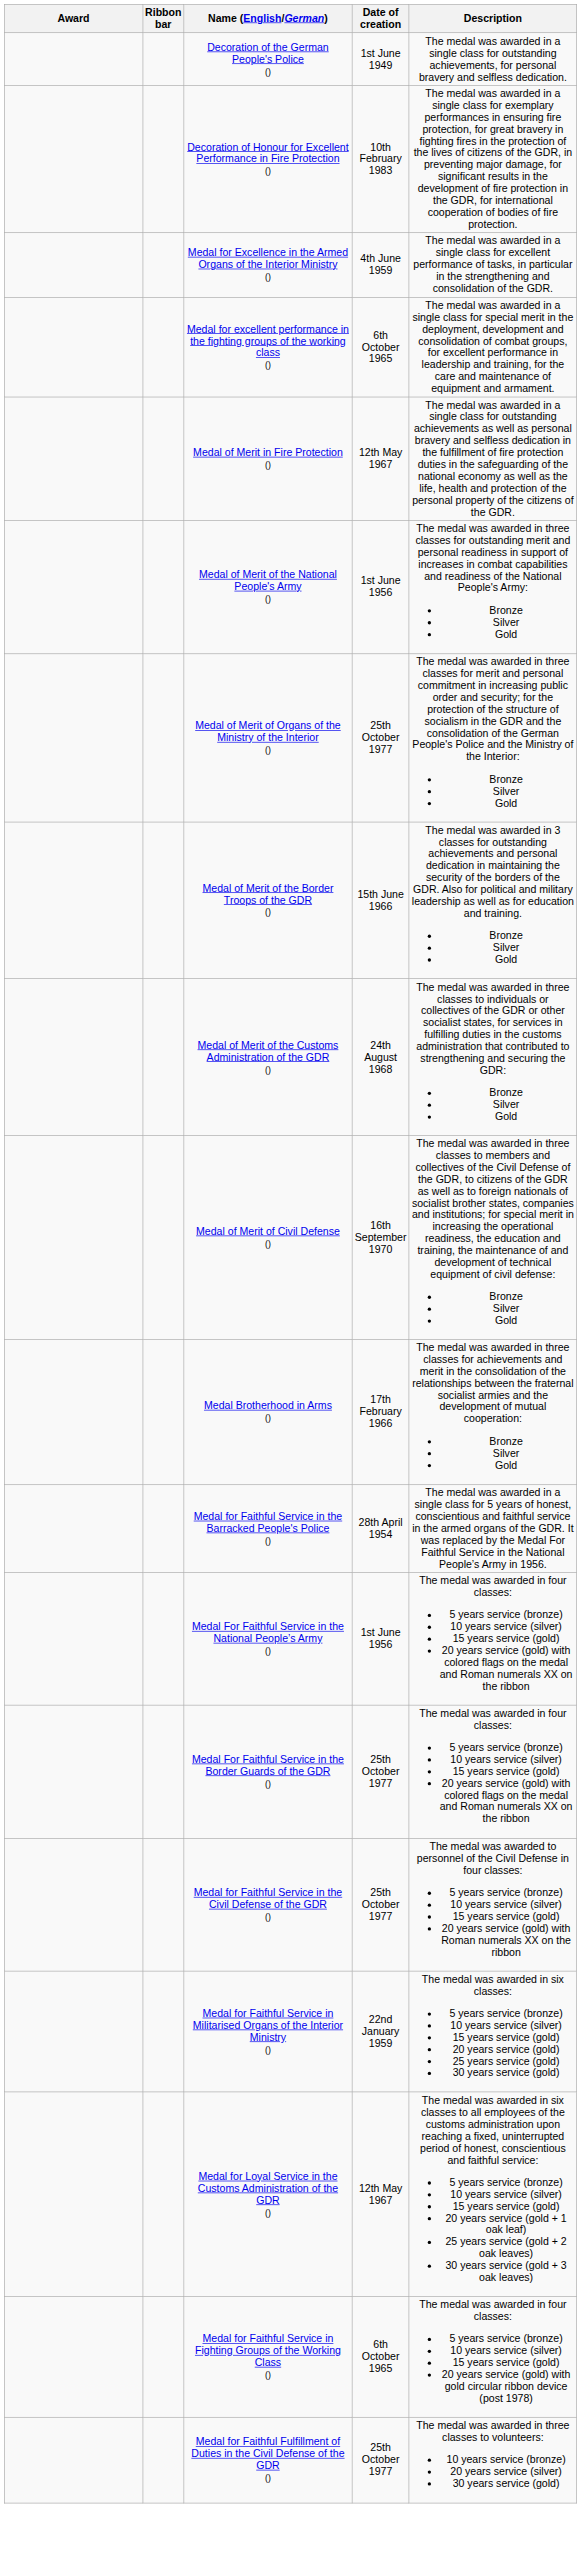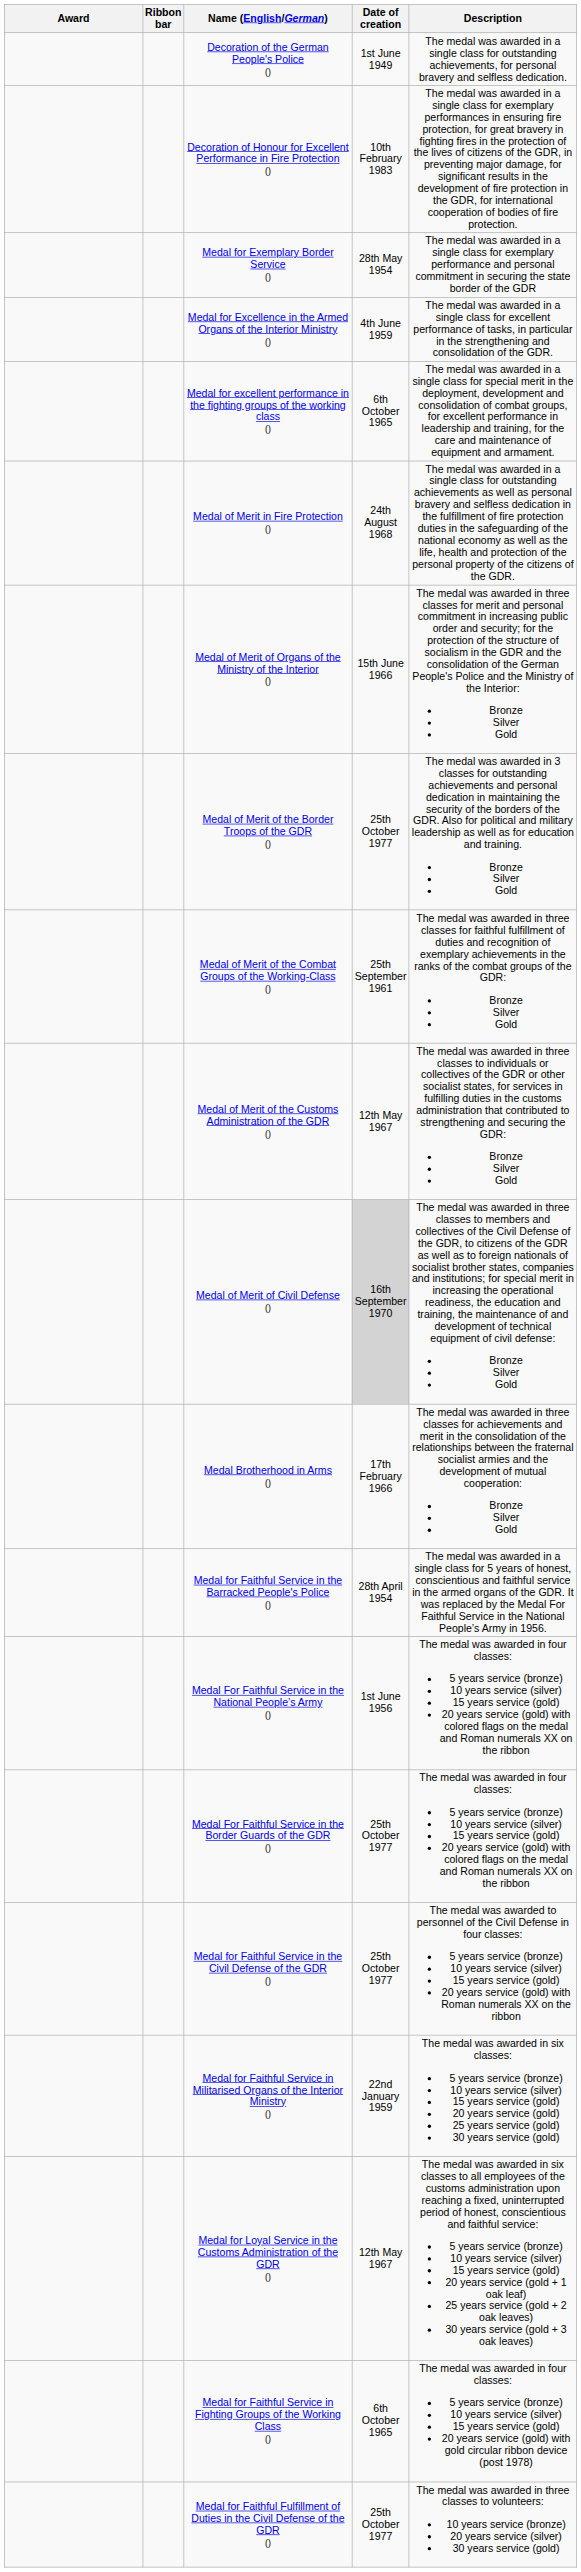 <table class="wikitable sortable" style="text-align:center">
 <tr>
 <th style="width:25%">Award</th>
 <th style="width:5%">Ribbon<br>bar</th>
 <th style="width:30%">Name (<a href='#'>English</a>/<em><a href='#'>German</a></em>)</th>
 <th style="width:10%">Date of<br>creation</th>
 <th style="width:30%">Description</th>
 </tr>
 <tr>
 <td></td>
 <td></td>
 <td><a href='#'>Decoration of the German People's Police</a><br><small>()</small></td>
 <td>1st June 1949</td>
 <td>The medal was awarded in a single class for outstanding achievements, for personal bravery and selfless dedication.</td>
 </tr>
 <tr>
 <td></td>
 <td></td>
 <td><a href='#'>Decoration of Honour for Excellent Performance in Fire Protection</a><br><small>()</small></td>
 <td>10th February 1983</td>
 <td>The medal was awarded in a single class for exemplary performances in ensuring fire protection, for great bravery in fighting fires in the protection of the lives of citizens of the GDR, in preventing major damage, for significant results in the development of fire protection in the GDR, for international cooperation of bodies of fire protection.</td>
 </tr>
 <tr>
 <td></td>
 <td></td>
+<td><a href='#'>Medal for Exemplary Border Service</a><br><small>()</small></td>
+<td>28th May 1954</td>
+<td>The medal was awarded in a single class for exemplary performance and personal commitment in securing the state border of the GDR</td>
+</tr>
+<tr>
+<td></td>
+<td></td>
 <td><a href='#'>Medal for Excellence in the Armed Organs of the Interior Ministry</a><br><small>()</small></td>
 <td>4th June 1959</td>
 <td>The medal was awarded in a single class for excellent performance of tasks, in particular in the strengthening and consolidation of the GDR.</td>
 </tr>
 <tr>
 <td></td>
 <td></td>
 <td><a href='#'>Medal for excellent performance in the fighting groups of the working class</a><br><small>()</small></td>
 <td>6th October 1965</td>
 <td>The medal was awarded in a single class for special merit in the deployment, development and consolidation of combat groups, for excellent performance in leadership and training, for the care and maintenance of equipment and armament.</td>
 </tr>
 <tr>
 <td></td>
 <td></td>
 <td><a href='#'>Medal of Merit in Fire Protection</a><br><small>()</small></td>
-<td>12th May 1967</td>
+<td>24th August 1968</td>
 <td>The medal was awarded in a single class for outstanding achievements as well as personal bravery and selfless dedication in the fulfillment of fire protection duties in the safeguarding of the national economy as well as the life, health and protection of the personal property of the citizens of the GDR.</td>
-</tr>
-<tr>
-<td><br></td>
-<td><br><br> <br> <br></td>
-<td><a href='#'>Medal of Merit of the National People's Army</a><br><small>()</small></td>
-<td>1st June 1956</td>
-<td>The medal was awarded in three classes for outstanding merit and personal readiness in support of increases in combat capabilities and readiness of the National People's Army:<br><ul><li>Bronze</li><li>Silver</li><li>Gold</li></ul></td>
 </tr>
 <tr>
 <td></td>
 <td><br><br> <br> <br></td>
 <td><a href='#'>Medal of Merit of Organs of the Ministry of the Interior</a><br><small>()</small></td>
-<td>25th October 1977</td>
+<td>15th June 1966</td>
 <td>The medal was awarded in three classes for merit and personal commitment in increasing public order and security; for the protection of the structure of socialism in the GDR and the consolidation of the German People's Police and the Ministry of the Interior:<br><ul><li>Bronze</li><li>Silver</li><li>Gold</li></ul></td>
 </tr>
 <tr>
 <td></td>
 <td><br>  </td>
 <td><a href='#'>Medal of Merit of the Border Troops of the GDR</a><br><small>()</small></td>
-<td>15th June 1966</td>
+<td>25th October 1977</td>
 <td>The medal was awarded in 3 classes for outstanding achievements and personal dedication in maintaining the security of the borders of the GDR. Also for political and military leadership as well as for education and training.<br><ul><li>Bronze</li><li>Silver</li><li>Gold</li></ul></td>
+</tr>
+<tr>
+<td></td>
+<td><br><br> <br> </td>
+<td><a href='#'>Medal of Merit of the Combat Groups of the Working-Class</a><br><small>()</small></td>
+<td>25th September 1961</td>
+<td>The medal was awarded in three classes for faithful fulfillment of duties and recognition of exemplary achievements in the ranks of the combat groups of the GDR:<br><ul><li>Bronze</li><li>Silver</li><li>Gold</li></ul></td>
 </tr>
 <tr>
 <td></td>
 <td><br><br> <br> <br></td>
 <td><a href='#'>Medal of Merit of the Customs Administration of the GDR</a><br><small>()</small></td>
-<td>24th August 1968</td>
+<td>12th May 1967</td>
 <td>The medal was awarded in three classes to individuals or collectives of the GDR or other socialist states, for services in fulfilling duties in the customs administration that contributed to strengthening and securing the GDR:<br><ul><li>Bronze</li><li>Silver</li><li>Gold</li></ul></td>
 </tr>
 <tr>
 <td></td>
 <td><br><br> <br> <br></td>
 <td><a href='#'>Medal of Merit of Civil Defense</a><br><small>()</small></td>
-<td>16th September 1970</td>
+<td style="background: lightgrey;">16th September 1970</td>
 <td>The medal was awarded in three classes to members and collectives of the Civil Defense of the GDR, to citizens of the GDR as well as to foreign nationals of socialist brother states, companies and institutions; for special merit in increasing the operational readiness, the education and training, the maintenance of and development of technical equipment of civil defense:<br><ul><li>Bronze</li><li>Silver</li><li>Gold</li></ul></td>
 </tr>
 <tr>
 <td></td>
 <td><br><br> <br> </td>
 <td><a href='#'>Medal Brotherhood in Arms</a><br><small>()</small></td>
 <td>17th February 1966</td>
 <td>The medal was awarded in three classes for achievements and merit in the consolidation of the relationships between the fraternal socialist armies and the development of mutual cooperation:<br><ul><li>Bronze</li><li>Silver</li><li>Gold</li></ul></td>
 </tr>
 <tr>
 <td></td>
 <td></td>
 <td><a href='#'>Medal for Faithful Service in the Barracked People's Police</a><br><small>()</small></td>
 <td>28th April 1954</td>
 <td>The medal was awarded in a single class for 5 years of honest, conscientious and faithful service in the armed organs of the GDR.  It was replaced by the Medal For Faithful Service in the National People’s Army in 1956.</td>
 </tr>
 <tr>
 <td></td>
 <td><br><br> <br> <br> </td>
 <td><a href='#'>Medal For Faithful Service in the National People’s Army</a><br><small>()</small></td>
 <td>1st June 1956</td>
 <td>The medal was awarded in four classes:<br><ul><li>5 years service (bronze)</li><li>10 years service (silver)</li><li>15 years service (gold)</li><li>20 years service (gold) with colored flags on the medal and Roman numerals XX on the ribbon</li></ul></td>
 </tr>
 <tr>
 <td></td>
 <td><br><br> <br> <br> </td>
 <td><a href='#'>Medal For Faithful Service in the Border Guards of the GDR</a><br><small>()</small></td>
 <td>25th October 1977</td>
 <td>The medal was awarded in four classes:<br><ul><li>5 years service (bronze)</li><li>10 years service (silver)</li><li>15 years service (gold)</li><li>20 years service (gold) with colored flags on the medal and Roman numerals XX on the ribbon</li></ul></td>
 </tr>
 <tr>
 <td></td>
 <td><br><br> <br> <br> </td>
 <td><a href='#'>Medal for Faithful Service in the Civil Defense of the GDR</a><br><small>()</small></td>
 <td>25th October 1977</td>
 <td>The medal was awarded to personnel of the Civil Defense in four classes:<br><ul><li>5 years service (bronze)</li><li>10 years service (silver)</li><li>15 years service (gold)</li><li>20 years service (gold) with Roman numerals XX on the ribbon</li></ul></td>
 </tr>
 <tr>
 <td></td>
 <td><br><br> <br> <br> <br> <br> </td>
 <td><a href='#'>Medal for Faithful Service in Militarised Organs of the Interior Ministry</a><br><small>()</small></td>
 <td>22nd January 1959</td>
 <td>The medal was awarded in six classes:<br><ul><li>5 years service (bronze)</li><li>10 years service (silver)</li><li>15 years service (gold)</li><li>20 years service (gold)</li><li>25 years service (gold)</li><li>30 years service (gold)</li></ul></td>
 </tr>
 <tr>
 <td></td>
 <td><br><br> <br> <br> <br> <br> </td>
 <td><a href='#'>Medal for Loyal Service in the Customs Administration of the GDR</a><br><small>()</small></td>
 <td>12th May 1967</td>
 <td>The medal was awarded in six classes to all employees of the customs administration upon reaching a fixed, uninterrupted period of honest, conscientious and faithful service:<br><ul><li>5 years service (bronze)</li><li>10 years service (silver)</li><li>15 years service (gold)</li><li>20 years service (gold + 1 oak leaf)</li><li>25 years service (gold + 2 oak leaves)</li><li>30 years service (gold + 3 oak leaves)</li></ul></td>
 </tr>
 <tr>
 <td></td>
 <td><br><br> <br> <br> </td>
 <td><a href='#'>Medal for Faithful Service in Fighting Groups of the Working Class</a><br><small>()</small></td>
 <td>6th October 1965</td>
 <td>The medal was awarded in four classes:<br><ul><li>5 years service (bronze)</li><li>10 years service (silver)</li><li>15 years service (gold)</li><li>20 years service (gold) with gold circular ribbon device (post 1978)</li></ul></td>
 </tr>
 <tr>
 <td></td>
 <td><br><br> <br> </td>
 <td><a href='#'>Medal for Faithful Fulfillment of Duties in the Civil Defense of the GDR</a><br><small>()</small></td>
 <td>25th October 1977</td>
 <td>The medal was awarded in three classes to volunteers:<br><ul><li>10 years service (bronze)</li><li>20 years service (silver)</li><li>30 years service (gold)</li></ul></td>
 </tr>
 </table>
